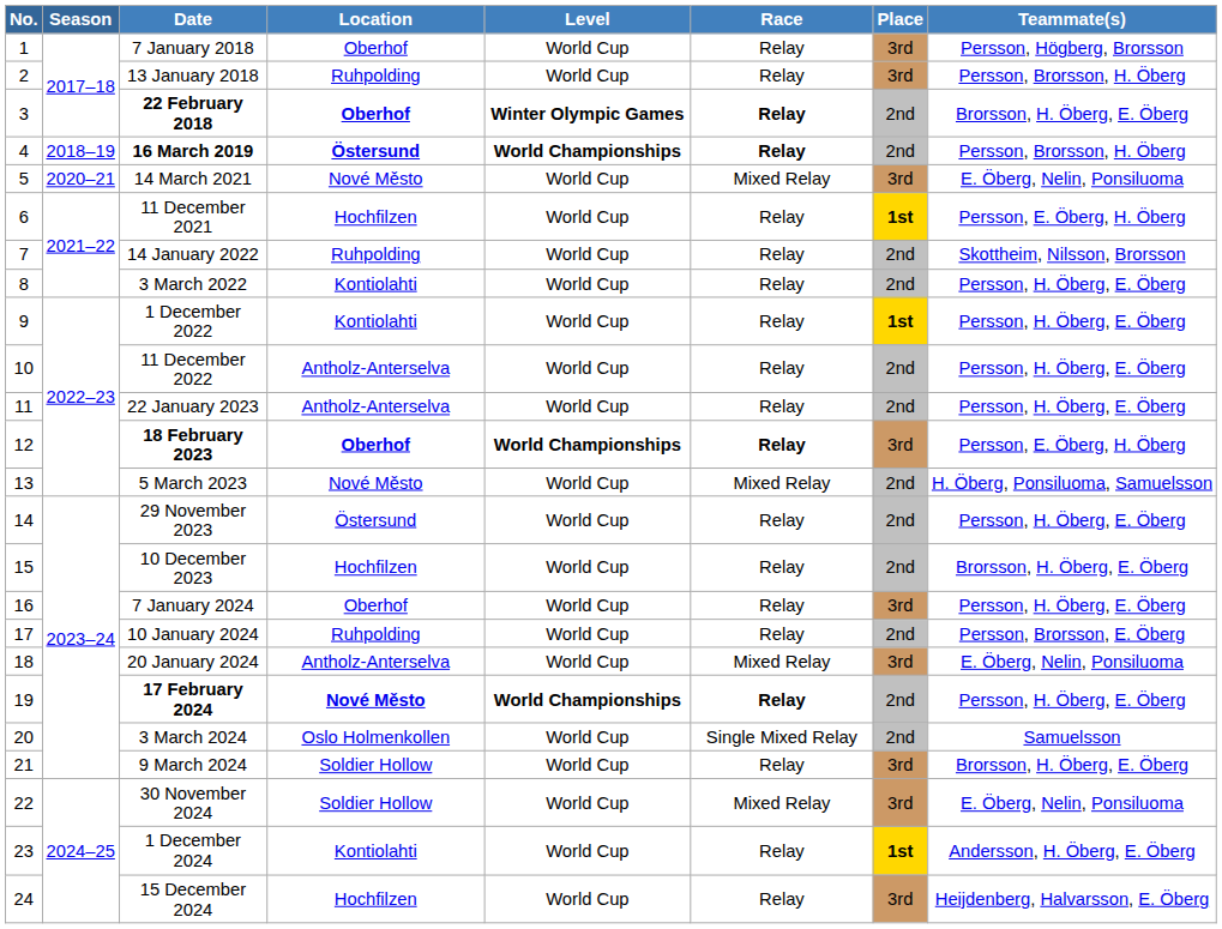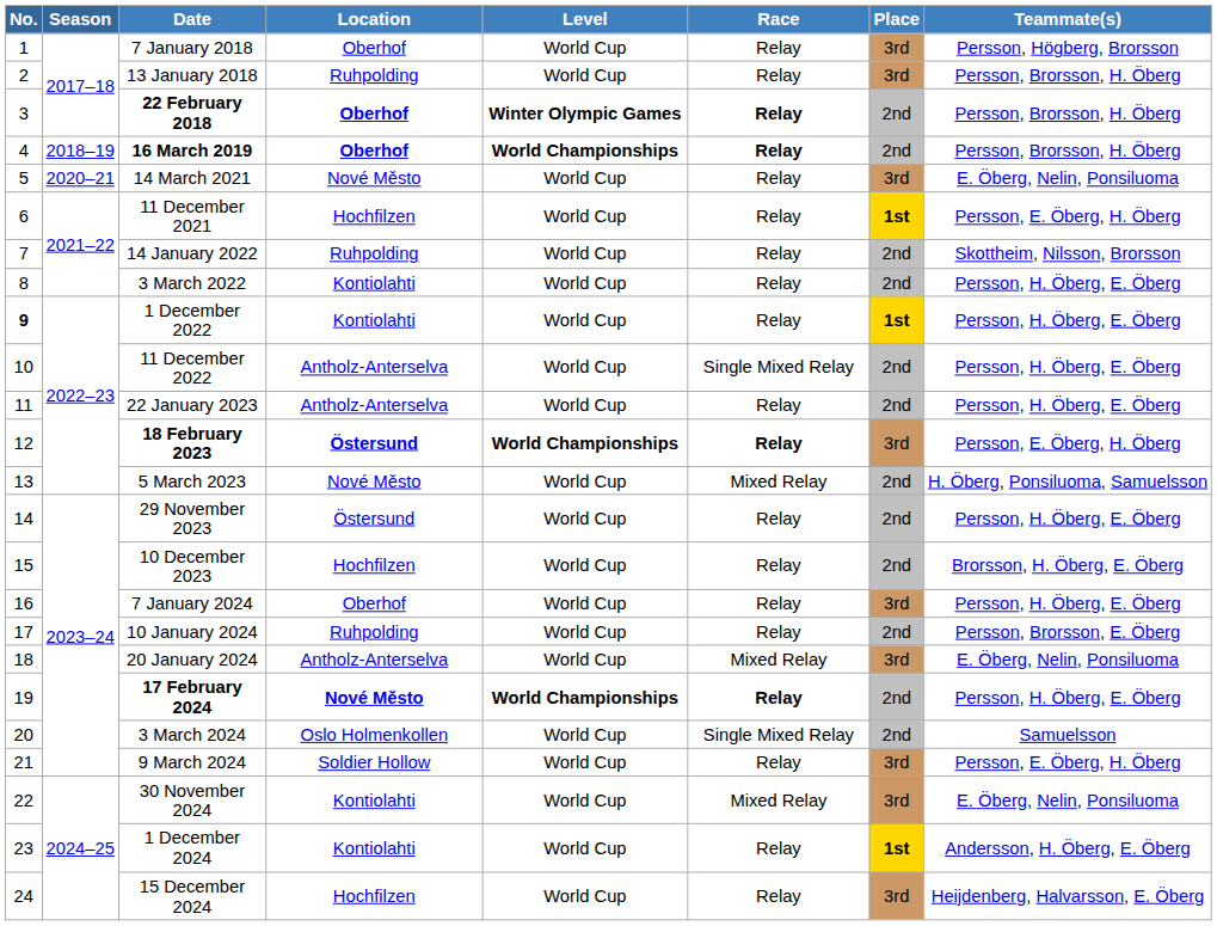 <table class="wikitable sortable" style="font-size:95%; text-align:center; border:grey solid 1px; border-collapse:collapse; background:#ffffff;">
 <tr style="background:#efefef;">
 <th style="background-color:#369; color:white;">No.</th>
 <th style="background-color:#369; color:white;">Season</th>
 <th style="background-color:#4180be; color:white; width:120px;">Date</th>
 <th style="background-color:#4180be; color:white; width:180px;">Location</th>
 <th style="background-color:#4180be; color:white; width:170px;">Level</th>
 <th style="background-color:#4180be; color:white; width:150px;">Race</th>
 <th style="background-color:#4180be; color:white;">Place</th>
 <th style="background-color:#4180be; color:white;">Teammate(s)</th>
 </tr>
 <tr>
 <td align=center>1</td>
 <td rowspan=3 align="center"><a href='#'>2017–18</a></td>
 <td>7 January 2018</td>
 <td> <a href='#'>Oberhof</a></td>
 <td>World Cup</td>
 <td>Relay</td>
 <td bgcolor="cc9966">3rd</td>
 <td><a href='#'>Persson</a>, <a href='#'>Högberg</a>, <a href='#'>Brorsson</a></td>
 </tr>
 <tr>
 <td align=center>2</td>
 <td>13 January 2018</td>
 <td> <a href='#'>Ruhpolding</a></td>
 <td>World Cup</td>
 <td>Relay</td>
 <td bgcolor="cc9966">3rd</td>
 <td><a href='#'>Persson</a>, <a href='#'>Brorsson</a>, <a href='#'>H. Öberg</a></td>
 </tr>
 <tr>
 <td align=center>3</td>
 <td><strong>22 February 2018</strong></td>
 <td> <strong><a href='#'>Oberhof</a></strong></td>
 <td><strong>Winter Olympic Games</strong></td>
 <td><strong>Relay</strong></td>
 <td bgcolor="silver">2nd</td>
-<td><a href='#'>Brorsson</a>, <a href='#'>H. Öberg</a>, <a href='#'>E. Öberg</a></td>
+<td><a href='#'>Persson</a>, <a href='#'>Brorsson</a>, <a href='#'>H. Öberg</a></td>
 </tr>
 <tr>
 <td align=center>4</td>
 <td rowspan=1 align="center"><a href='#'>2018–19</a></td>
 <td><strong>16 March 2019</strong></td>
-<td> <strong><a href='#'>Östersund</a></strong></td>
+<td> <strong><a href='#'>Oberhof</a></strong></td>
 <td><strong>World Championships</strong></td>
 <td><strong>Relay</strong></td>
 <td bgcolor="silver">2nd</td>
 <td><a href='#'>Persson</a>, <a href='#'>Brorsson</a>, <a href='#'>H. Öberg</a></td>
 </tr>
 <tr>
 <td align=center>5</td>
 <td rowspan=1 align="center"><a href='#'>2020–21</a></td>
 <td>14 March 2021</td>
 <td> <a href='#'>Nové Město</a></td>
 <td>World Cup</td>
-<td>Mixed Relay</td>
+<td>Relay</td>
 <td bgcolor="cc9966">3rd</td>
 <td><a href='#'>E. Öberg</a>, <a href='#'>Nelin</a>, <a href='#'>Ponsiluoma</a></td>
 </tr>
 <tr>
 <td align=center>6</td>
 <td rowspan=3 align="center"><a href='#'>2021–22</a></td>
 <td>11 December 2021</td>
 <td> <a href='#'>Hochfilzen</a></td>
 <td>World Cup</td>
 <td>Relay</td>
 <td bgcolor="gold"><strong>1st</strong></td>
 <td><a href='#'>Persson</a>, <a href='#'>E. Öberg</a>, <a href='#'>H. Öberg</a></td>
 </tr>
 <tr>
 <td align=center>7</td>
 <td>14 January 2022</td>
 <td> <a href='#'>Ruhpolding</a></td>
 <td>World Cup</td>
 <td>Relay</td>
 <td bgcolor="silver">2nd</td>
 <td><a href='#'>Skottheim</a>, <a href='#'>Nilsson</a>, <a href='#'>Brorsson</a></td>
 </tr>
 <tr>
 <td align=center>8</td>
 <td>3 March 2022</td>
 <td> <a href='#'>Kontiolahti</a></td>
 <td>World Cup</td>
 <td>Relay</td>
 <td bgcolor="silver">2nd</td>
 <td><a href='#'>Persson</a>, <a href='#'>H. Öberg</a>, <a href='#'>E. Öberg</a></td>
 </tr>
 <tr>
-<td align=center>9</td>
+<td align=center><strong>9</strong></td>
 <td rowspan=5 align="center"><a href='#'>2022–23</a></td>
 <td>1 December 2022</td>
 <td> <a href='#'>Kontiolahti</a></td>
 <td>World Cup</td>
 <td>Relay</td>
 <td bgcolor="gold"><strong>1st</strong></td>
 <td><a href='#'>Persson</a>, <a href='#'>H. Öberg</a>, <a href='#'>E. Öberg</a></td>
 </tr>
 <tr>
 <td align=center>10</td>
 <td>11 December 2022</td>
 <td> <a href='#'>Antholz-Anterselva</a></td>
 <td>World Cup</td>
-<td>Relay</td>
+<td>Single Mixed Relay</td>
 <td bgcolor="silver">2nd</td>
 <td><a href='#'>Persson</a>, <a href='#'>H. Öberg</a>, <a href='#'>E. Öberg</a></td>
 </tr>
 <tr>
 <td align=center>11</td>
 <td>22 January 2023</td>
 <td> <a href='#'>Antholz-Anterselva</a></td>
 <td>World Cup</td>
 <td>Relay</td>
 <td bgcolor="silver">2nd</td>
 <td><a href='#'>Persson</a>, <a href='#'>H. Öberg</a>, <a href='#'>E. Öberg</a></td>
 </tr>
 <tr>
 <td align=center>12</td>
 <td><strong>18 February 2023</strong></td>
-<td> <strong><a href='#'>Oberhof</a></strong></td>
+<td> <strong><a href='#'>Östersund</a></strong></td>
 <td><strong>World Championships</strong></td>
 <td><strong>Relay</strong></td>
 <td bgcolor="cc9966">3rd</td>
 <td><a href='#'>Persson</a>, <a href='#'>E. Öberg</a>, <a href='#'>H. Öberg</a></td>
 </tr>
 <tr>
 <td align=center>13</td>
 <td>5 March 2023</td>
 <td> <a href='#'>Nové Město</a></td>
 <td>World Cup</td>
 <td>Mixed Relay</td>
 <td bgcolor="silver">2nd</td>
 <td><a href='#'>H. Öberg</a>, <a href='#'>Ponsiluoma</a>, <a href='#'>Samuelsson</a></td>
 </tr>
 <tr>
 <td align=center>14</td>
 <td rowspan=8 align="center"><a href='#'>2023–24</a></td>
 <td>29 November 2023</td>
 <td> <a href='#'>Östersund</a></td>
 <td>World Cup</td>
 <td>Relay</td>
 <td bgcolor="silver">2nd</td>
 <td><a href='#'>Persson</a>, <a href='#'>H. Öberg</a>, <a href='#'>E. Öberg</a></td>
 </tr>
 <tr>
 <td align=center>15</td>
 <td>10 December 2023</td>
 <td> <a href='#'>Hochfilzen</a></td>
 <td>World Cup</td>
 <td>Relay</td>
 <td bgcolor="silver">2nd</td>
 <td><a href='#'>Brorsson</a>, <a href='#'>H. Öberg</a>, <a href='#'>E. Öberg</a></td>
 </tr>
 <tr>
 <td align=center>16</td>
 <td>7 January 2024</td>
 <td> <a href='#'>Oberhof</a></td>
 <td>World Cup</td>
 <td>Relay</td>
 <td bgcolor="cc9966">3rd</td>
 <td><a href='#'>Persson</a>, <a href='#'>H. Öberg</a>, <a href='#'>E. Öberg</a></td>
 </tr>
 <tr>
 <td align=center>17</td>
 <td>10 January 2024</td>
 <td> <a href='#'>Ruhpolding</a></td>
 <td>World Cup</td>
 <td>Relay</td>
 <td bgcolor="silver">2nd</td>
 <td><a href='#'>Persson</a>, <a href='#'>Brorsson</a>, <a href='#'>E. Öberg</a></td>
 </tr>
 <tr>
 <td align=center>18</td>
 <td>20 January 2024</td>
 <td> <a href='#'>Antholz-Anterselva</a></td>
 <td>World Cup</td>
 <td>Mixed Relay</td>
 <td bgcolor="cc9966">3rd</td>
 <td><a href='#'>E. Öberg</a>, <a href='#'>Nelin</a>, <a href='#'>Ponsiluoma</a></td>
 </tr>
 <tr>
 <td align=center>19</td>
 <td><strong>17 February 2024</strong></td>
 <td><strong> <a href='#'>Nové Město</a></strong></td>
 <td><strong>World Championships</strong></td>
 <td><strong>Relay</strong></td>
 <td bgcolor="silver">2nd</td>
 <td><a href='#'>Persson</a>, <a href='#'>H. Öberg</a>, <a href='#'>E. Öberg</a></td>
 </tr>
 <tr>
 <td align=center>20</td>
 <td>3 March 2024</td>
 <td> <a href='#'>Oslo Holmenkollen</a></td>
 <td>World Cup</td>
 <td>Single Mixed Relay</td>
 <td bgcolor="silver">2nd</td>
 <td><a href='#'>Samuelsson</a></td>
 </tr>
 <tr>
 <td align=center>21</td>
 <td>9 March 2024</td>
 <td> <a href='#'>Soldier Hollow</a></td>
 <td>World Cup</td>
 <td>Relay</td>
 <td bgcolor="cc9966">3rd</td>
-<td><a href='#'>Brorsson</a>, <a href='#'>H. Öberg</a>, <a href='#'>E. Öberg</a></td>
+<td><a href='#'>Persson</a>, <a href='#'>E. Öberg</a>, <a href='#'>H. Öberg</a></td>
 </tr>
 <tr>
 <td align=center>22</td>
 <td rowspan=3 align="center"><a href='#'>2024–25</a></td>
 <td>30 November 2024</td>
-<td> <a href='#'>Soldier Hollow</a></td>
+<td> <a href='#'>Kontiolahti</a></td>
 <td>World Cup</td>
 <td>Mixed Relay</td>
 <td bgcolor="cc9966">3rd</td>
 <td><a href='#'>E. Öberg</a>, <a href='#'>Nelin</a>, <a href='#'>Ponsiluoma</a></td>
 </tr>
 <tr>
 <td align=center>23</td>
 <td>1 December 2024</td>
 <td> <a href='#'>Kontiolahti</a></td>
 <td>World Cup</td>
 <td>Relay</td>
 <td bgcolor="gold"><strong>1st</strong></td>
 <td><a href='#'>Andersson</a>, <a href='#'>H. Öberg</a>, <a href='#'>E. Öberg</a></td>
 </tr>
 <tr>
 <td align=center>24</td>
 <td>15 December 2024</td>
 <td> <a href='#'>Hochfilzen</a></td>
 <td>World Cup</td>
 <td>Relay</td>
 <td bgcolor="cc9966">3rd</td>
 <td><a href='#'>Heijdenberg</a>, <a href='#'>Halvarsson</a>, <a href='#'>E. Öberg</a></td>
 </tr>
 </table>
